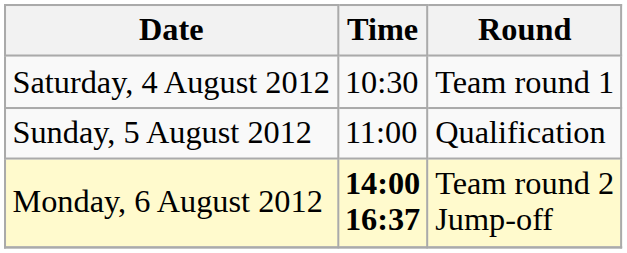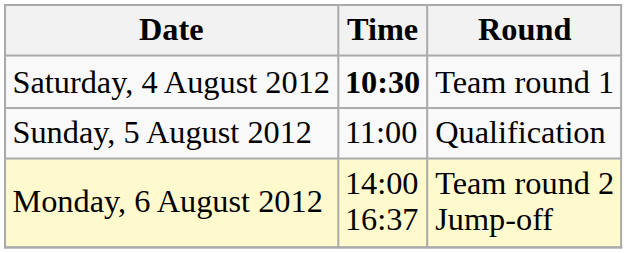 <table class="wikitable">
 <tr>
 <th>Date</th>
 <th>Time</th>
 <th>Round</th>
 </tr>
 <tr>
 <td>Saturday, 4 August 2012</td>
-<td>10:30</td>
+<td><strong>10:30</strong></td>
 <td>Team round 1</td>
 </tr>
 <tr>
 <td>Sunday, 5 August 2012</td>
 <td>11:00</td>
 <td>Qualification</td>
 </tr>
 <tr>
 <td style=background:lemonchiffon>Monday, 6 August 2012</td>
-<td style=background:lemonchiffon><strong>14:00<br>16:37</strong></td>
+<td style=background:lemonchiffon>14:00<br>16:37</td>
 <td style=background:lemonchiffon>Team round 2<br>Jump-off</td>
 </tr>
 <tr>
 </tr>
 </table>
